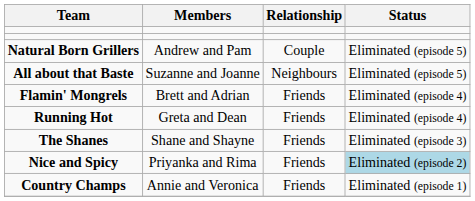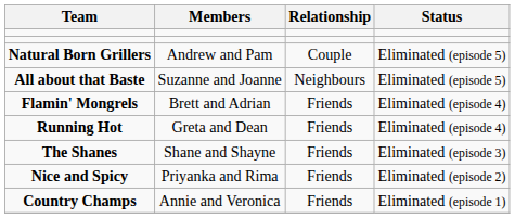 <table class="wikitable sortable" align="center" style="text-align:center">
 <tr>
 <th>Team</th>
 <th>Members</th>
 <th>Relationship</th>
 <th>Status</th>
 </tr>
 <tr>
 <td></td>
 <td></td>
 <td></td>
 <td></td>
 </tr>
 <tr>
 <td></td>
 <td></td>
 <td></td>
 <td></td>
 </tr>
 <tr>
 <td><strong>Natural Born Grillers</strong></td>
 <td>Andrew and Pam</td>
 <td>Couple</td>
 <td>Eliminated <small>(episode 5)</small></td>
 </tr>
 <tr>
 <td><strong>All about that Baste</strong></td>
 <td>Suzanne and Joanne</td>
 <td>Neighbours</td>
 <td>Eliminated <small>(episode 5)</small></td>
 </tr>
 <tr>
 <td><strong>Flamin' Mongrels</strong></td>
 <td>Brett and Adrian</td>
 <td>Friends</td>
 <td>Eliminated <small>(episode 4)</small></td>
 </tr>
 <tr>
 <td><strong>Running Hot</strong></td>
 <td>Greta and Dean</td>
 <td>Friends</td>
 <td>Eliminated <small>(episode 4)</small></td>
 </tr>
 <tr>
 <td><strong>The Shanes</strong></td>
 <td>Shane and Shayne</td>
 <td>Friends</td>
 <td>Eliminated <small>(episode 3)</small></td>
 </tr>
 <tr>
 <td><strong>Nice and Spicy</strong></td>
 <td>Priyanka and Rima</td>
 <td>Friends</td>
-<td style="background: lightblue;">Eliminated <small>(episode 2)</small></td>
+<td>Eliminated <small>(episode 2)</small></td>
 </tr>
 <tr>
 <td><strong>Country Champs</strong></td>
 <td>Annie and Veronica</td>
 <td>Friends</td>
 <td>Eliminated <small>(episode 1)</small></td>
 </tr>
 <tr>
 </tr>
 </table>
